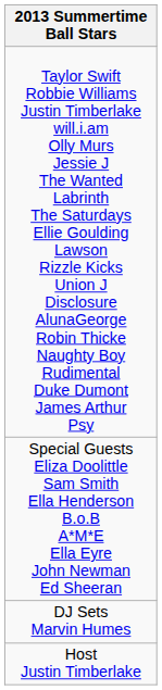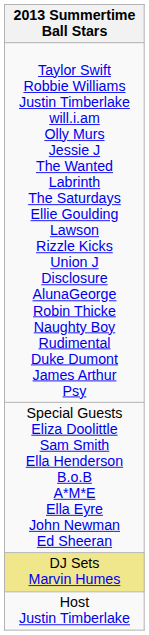 <table class="wikitable">
 <tr>
 <th>2013 Summertime Ball Stars</th>
 </tr>
 <tr>
 <td style="text-align:center; vertical-align:top; width:150px;"><br><a href='#'>Taylor Swift</a><br><a href='#'>Robbie Williams</a><br><a href='#'>Justin Timberlake</a> <br><a href='#'>will.i.am</a> <br><a href='#'>Olly Murs</a> <br><a href='#'>Jessie J</a> <br><a href='#'>The Wanted</a> <br><a href='#'>Labrinth</a> <br><a href='#'>The Saturdays</a> <br><a href='#'>Ellie Goulding</a> <br><a href='#'>Lawson</a> <br><a href='#'>Rizzle Kicks</a> <br><a href='#'>Union J</a> <br><a href='#'>Disclosure</a> <br><a href='#'>AlunaGeorge</a> <br><a href='#'>Robin Thicke</a> <br><a href='#'>Naughty Boy</a> <br><a href='#'>Rudimental</a> <br><a href='#'>Duke Dumont</a> <br><a href='#'>James Arthur</a> <br><a href='#'>Psy</a></td>
 </tr>
 <tr>
 <td style="text-align:center; vertical-align:top; width:150px;">Special Guests<br><a href='#'>Eliza Doolittle</a> <br><a href='#'>Sam Smith</a> <br><a href='#'>Ella Henderson</a> <br><a href='#'>B.o.B</a> <br><a href='#'>A*M*E</a> <br><a href='#'>Ella Eyre</a> <br><a href='#'>John Newman</a> <br><a href='#'>Ed Sheeran</a></td>
 </tr>
 <tr>
-<td style="text-align:center; vertical-align:top; width:150px;">DJ Sets<br><a href='#'>Marvin Humes</a></td>
+<td style="background: khaki; text-align:center; vertical-align:top; width:150px;">DJ Sets<br><a href='#'>Marvin Humes</a></td>
 </tr>
 <tr>
 <td style="text-align:center; vertical-align:top; width:150px;">Host<br><a href='#'>Justin Timberlake</a></td>
 </tr>
 </table>
